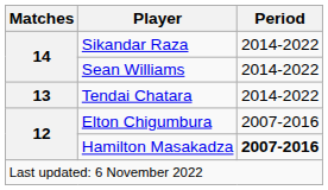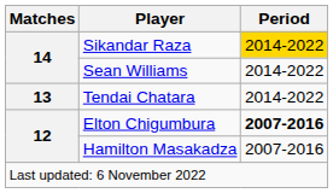 <table class="wikitable" style="font-size: 90%">
 <tr>
 <th>Matches</th>
 <th>Player</th>
 <th>Period</th>
 </tr>
 <tr>
 <th rowspan=2>14</th>
 <td><a href='#'>Sikandar Raza</a></td>
-<td>2014-2022</td>
+<td style="background: gold;">2014-2022</td>
 </tr>
 <tr>
 <td><a href='#'>Sean Williams</a></td>
 <td>2014-2022</td>
 </tr>
 <tr>
 <th>13</th>
 <td><a href='#'>Tendai Chatara</a></td>
 <td>2014-2022</td>
 </tr>
 <tr>
 <th rowspan=2>12</th>
 <td><a href='#'>Elton Chigumbura</a></td>
-<td>2007-2016</td>
+<td><strong>2007-2016</strong></td>
 </tr>
 <tr>
 <td><a href='#'>Hamilton Masakadza</a></td>
-<td><strong>2007-2016</strong></td>
+<td>2007-2016</td>
 </tr>
 <tr>
 <td colspan="7"><small>Last updated: 6 November 2022</small></td>
 </tr>
 </table>
